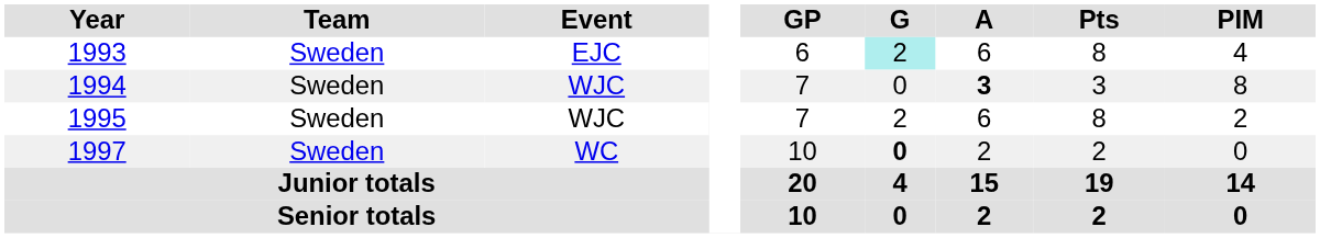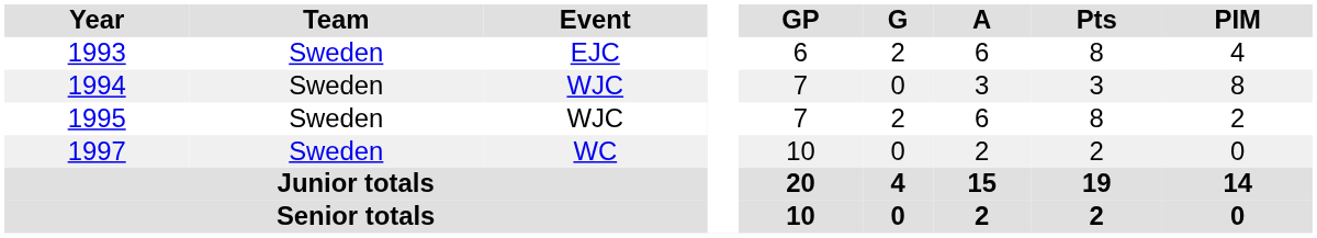 <table border="0" cellpadding="1" cellspacing="0" style="text-align:center; width:50em">
 <tr ALIGN="center" bgcolor="#e0e0e0">
 <th>Year</th>
 <th>Team</th>
 <th>Event</th>
 <th rowspan="99" bgcolor="#ffffff"> </th>
 <th>GP</th>
 <th>G</th>
 <th>A</th>
 <th>Pts</th>
 <th>PIM</th>
 </tr>
 <tr>
 <td><a href='#'>1993</a></td>
 <td><a href='#'>Sweden</a></td>
 <td><a href='#'>EJC</a></td>
 <td>6</td>
-<td style="background: paleturquoise;">2</td>
+<td>2</td>
 <td>6</td>
 <td>8</td>
 <td>4</td>
 </tr>
 <tr bgcolor="#f0f0f0">
 <td><a href='#'>1994</a></td>
 <td>Sweden</td>
 <td><a href='#'>WJC</a></td>
 <td>7</td>
 <td>0</td>
-<td><strong>3</strong></td>
+<td>3</td>
 <td>3</td>
 <td>8</td>
 </tr>
 <tr>
 <td><a href='#'>1995</a></td>
 <td>Sweden</td>
 <td>WJC</td>
 <td>7</td>
 <td>2</td>
 <td>6</td>
 <td>8</td>
 <td>2</td>
 </tr>
 <tr bgcolor="#f0f0f0">
 <td><a href='#'>1997</a></td>
 <td><a href='#'>Sweden</a></td>
 <td><a href='#'>WC</a></td>
 <td>10</td>
-<td><strong>0</strong></td>
+<td>0</td>
 <td>2</td>
 <td>2</td>
 <td>0</td>
 </tr>
 <tr bgcolor="#e0e0e0">
 <th colspan=3>Junior totals</th>
 <th>20</th>
 <th>4</th>
 <th>15</th>
 <th>19</th>
 <th>14</th>
 </tr>
 <tr bgcolor="#e0e0e0">
 <th colspan=3>Senior totals</th>
 <th>10</th>
 <th>0</th>
 <th>2</th>
 <th>2</th>
 <th>0</th>
 </tr>
 </table>
